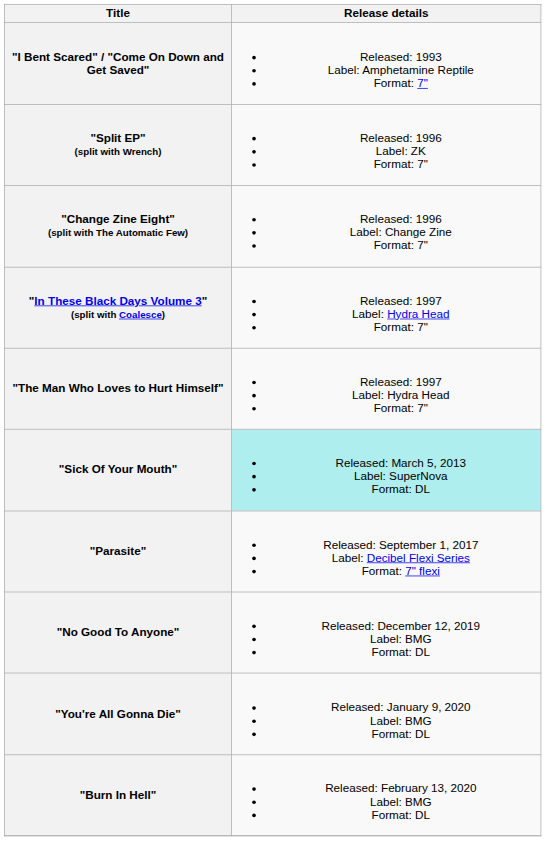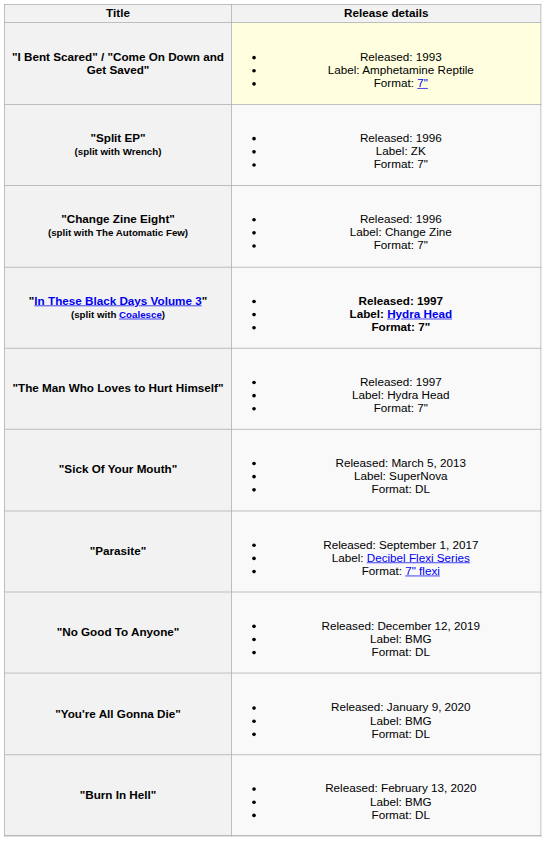 <table class="wikitable plainrowheaders" style="text-align:center;">
 <tr>
 <th scope="col" rowspan="1" style="width:19em">Title</th>
 <th scope="col" rowspan="1" style="width:26em">Release details</th>
 </tr>
 <tr>
 <th scope="row">"I Bent Scared" / "Come On Down and Get Saved"</th>
-<td><br><ul><li>Released: 1993</li><li>Label: Amphetamine Reptile</li><li>Format: <a href='#'>7"</a></li></ul></td>
+<td style="background: lightyellow;"><br><ul><li>Released: 1993</li><li>Label: Amphetamine Reptile</li><li>Format: <a href='#'>7"</a></li></ul></td>
 </tr>
 <tr>
 <th scope="row">"Split EP"<br><small>(split with Wrench)</small></th>
 <td><br><ul><li>Released: 1996</li><li>Label: ZK</li><li>Format: 7"</li></ul></td>
 </tr>
 <tr>
 <th scope="row">"Change Zine Eight"<br><small>(split with The Automatic Few)</small></th>
 <td><br><ul><li>Released: 1996</li><li>Label: Change Zine</li><li>Format: 7"</li></ul></td>
 </tr>
 <tr>
 <th scope="row">"<a href='#'>In These Black Days Volume 3</a>"<br><small>(split with <a href='#'>Coalesce</a>)</small></th>
-<td><br><ul><li>Released: 1997</li><li>Label: <a href='#'>Hydra Head</a></li><li>Format: 7"</li></ul></td>
+<td><strong><br><ul><li>Released: 1997</li><li>Label: <a href='#'>Hydra Head</a></li><li>Format: 7"</li></ul></strong></td>
 </tr>
 <tr>
 <th scope="row">"The Man Who Loves to Hurt Himself"</th>
 <td><br><ul><li>Released: 1997</li><li>Label: Hydra Head</li><li>Format: 7"</li></ul></td>
 </tr>
 <tr>
 <th scope="row">"Sick Of Your Mouth"</th>
-<td style="background: paleturquoise;"><br><ul><li>Released: March 5, 2013</li><li>Label: SuperNova</li><li>Format: DL</li></ul></td>
+<td><br><ul><li>Released: March 5, 2013</li><li>Label: SuperNova</li><li>Format: DL</li></ul></td>
 </tr>
 <tr>
 <th scope="row">"Parasite"</th>
 <td><br><ul><li>Released: September 1, 2017</li><li>Label: <a href='#'>Decibel Flexi Series</a></li><li>Format: <a href='#'>7" flexi</a></li></ul></td>
 </tr>
 <tr>
 <th scope="row">"No Good To Anyone"</th>
 <td><br><ul><li>Released: December 12, 2019</li><li>Label: BMG</li><li>Format: DL</li></ul></td>
 </tr>
 <tr>
 <th scope="row">"You're All Gonna Die"</th>
 <td><br><ul><li>Released: January 9, 2020</li><li>Label: BMG</li><li>Format: DL</li></ul></td>
 </tr>
 <tr>
 <th scope="row">"Burn In Hell"</th>
 <td><br><ul><li>Released: February 13, 2020</li><li>Label: BMG</li><li>Format: DL</li></ul></td>
 </tr>
 <tr>
 </tr>
 </table>
